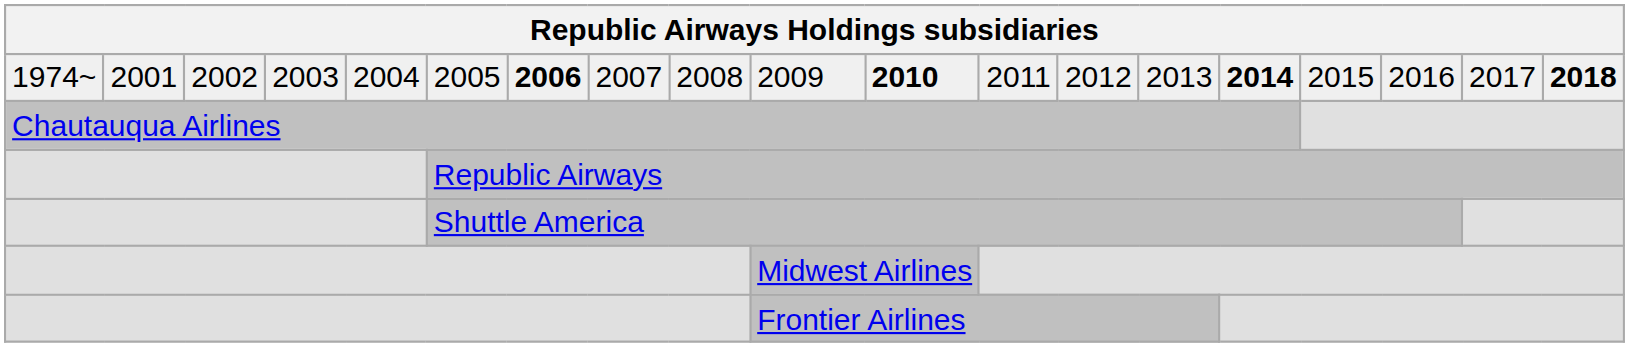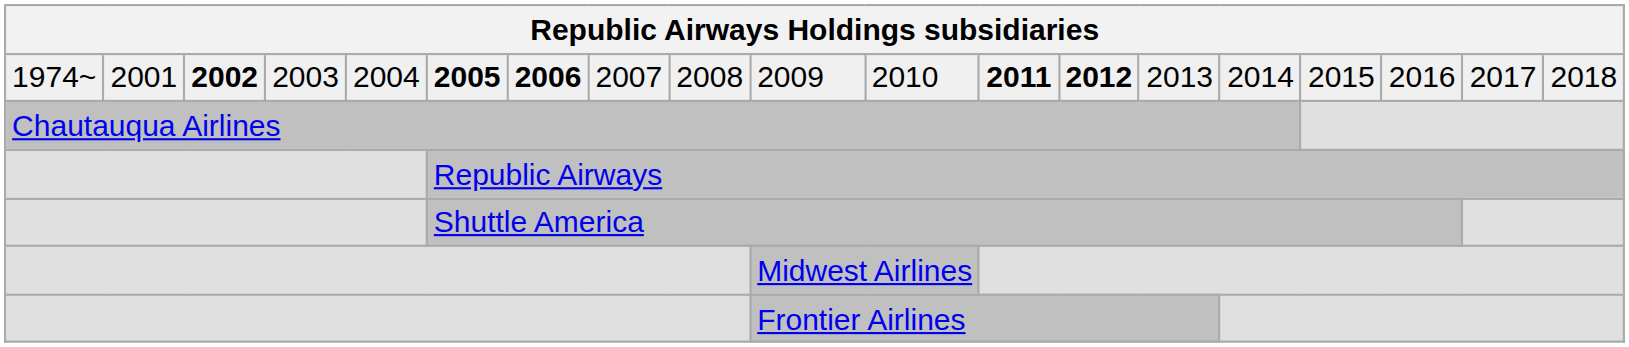 <table class="wikitable" style="font-size:88%">
 <tr>
 <th colspan=20>Republic Airways Holdings subsidiaries</th>
 </tr>
 <tr style="background:#f0f0f0;">
 <td>1974~</td>
 <td>2001</td>
-<td>2002</td>
+<td><strong>2002</strong></td>
 <td>2003</td>
 <td>2004</td>
-<td>2005</td>
+<td><strong>2005</strong></td>
 <td><strong>2006</strong></td>
 <td>2007</td>
 <td>2008</td>
 <td>2009</td>
-<td><strong>2010</strong></td>
-<td>2011</td>
-<td>2012</td>
+<td>2010</td>
+<td><strong>2011</strong></td>
+<td><strong>2012</strong></td>
 <td>2013</td>
-<td><strong>2014</strong></td>
+<td>2014</td>
 <td>2015</td>
 <td>2016</td>
 <td 2017>2017</td>
-<td><strong>2018</strong></td>
+<td>2018</td>
 </tr>
 <tr>
 <td colspan="15" style="background:silver;"><a href='#'>Chautauqua Airlines</a></td>
 <td colspan="4" style="background:#e0e0e0;"></td>
 </tr>
 <tr>
 <td colspan="5" style="background:#e0e0e0;"></td>
 <td colspan="14" style="background:silver;"><a href='#'>Republic Airways</a></td>
 </tr>
 <tr>
 <td colspan="5" style="background:#e0e0e0;"></td>
 <td colspan="12" style="background:silver;"><a href='#'>Shuttle America</a></td>
 <td colspan="2" style="background:#e0e0e0;"></td>
 </tr>
 <tr>
 <td colspan="9" style="background:#e0e0e0;"></td>
 <td colspan="2" style="background:silver;"><a href='#'>Midwest Airlines</a></td>
 <td colspan="8" style="background:#e0e0e0;"></td>
 </tr>
 <tr>
 <td colspan="9" style="background:#e0e0e0;"></td>
 <td colspan="5" style="background:silver;"><a href='#'>Frontier Airlines</a></td>
 <td colspan="5" style="background:#e0e0e0;"></td>
 </tr>
 </table>
